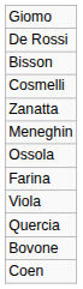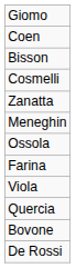 <table class="wikitable">
 <tr>
 <td>Giomo</td>
 </tr>
 <tr>
-<td>De Rossi</td>
+<td>Coen</td>
 </tr>
 <tr>
 <td>Bisson</td>
 </tr>
 <tr>
 <td>Cosmelli</td>
 </tr>
 <tr>
 <td>Zanatta</td>
 </tr>
 <tr>
 <td>Meneghin</td>
 </tr>
 <tr>
 <td>Ossola</td>
 </tr>
 <tr>
 <td>Farina</td>
 </tr>
 <tr>
 <td>Viola</td>
 </tr>
 <tr>
 <td>Quercia</td>
 </tr>
 <tr>
 <td>Bovone</td>
 </tr>
 <tr>
-<td>Coen</td>
+<td>De Rossi</td>
 </tr>
 </table>
